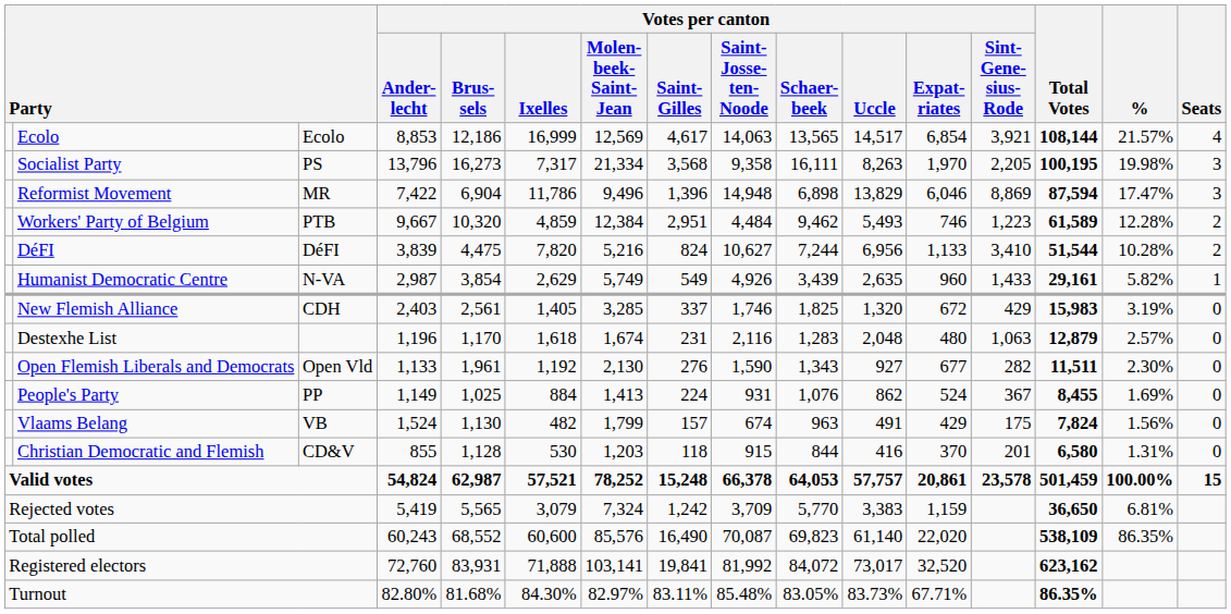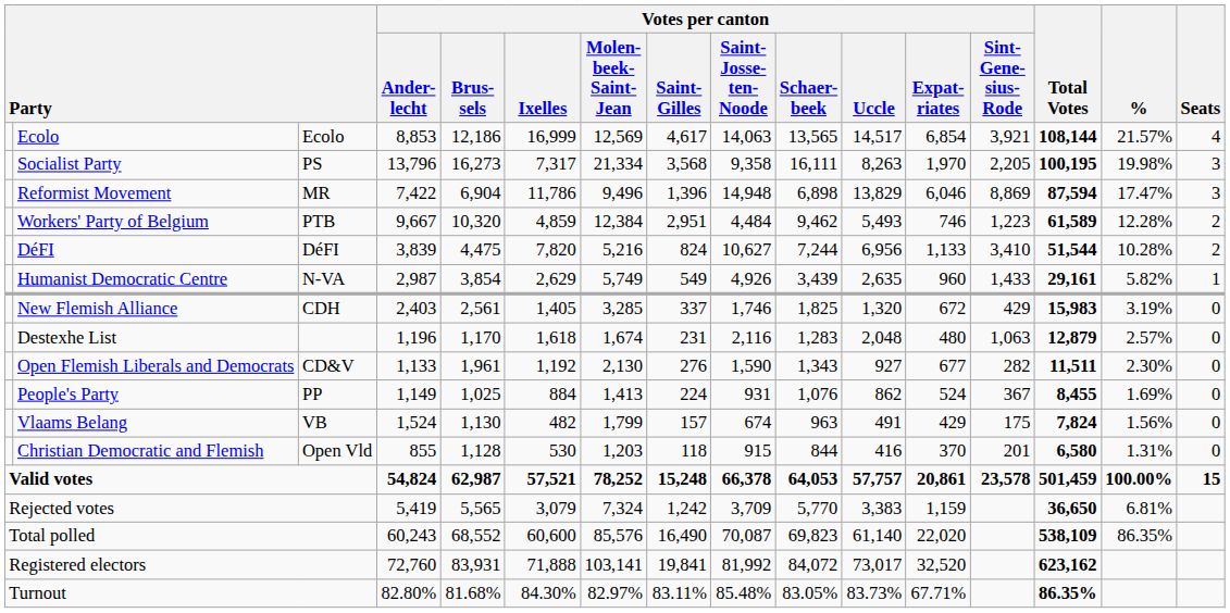 <table class="wikitable" border="1" style="text-align:right;">
 <tr>
 <th style="text-align:left;" valign=bottom rowspan=2 colspan=3>Party</th>
 <th colspan=10>Votes per canton</th>
 <th align=center valign=bottom rowspan=2 width="50">Total Votes</th>
 <th align=center valign=bottom rowspan=2 width="50">%</th>
 <th align=center valign=bottom rowspan=2>Seats</th>
 </tr>
 <tr>
 <th align=center valign=bottom width="50"><a href='#'>Ander- lecht</a></th>
 <th align=center valign=bottom width="50"><a href='#'>Brus- sels</a></th>
 <th align=center valign=bottom width="60"><a href='#'>Ixelles</a></th>
 <th align=center valign=bottom width="50"><a href='#'>Molen- beek-<br>Saint-<br>Jean</a></th>
 <th align=center valign=bottom width="50"><a href='#'>Saint-<br>Gilles</a></th>
 <th align=center valign=bottom width="50"><a href='#'>Saint-<br>Josse-<br>ten-Noode</a></th>
 <th align=center valign=bottom width="50"><a href='#'>Schaer- beek</a></th>
 <th align=center valign=bottom width="50"><a href='#'>Uccle</a></th>
 <th align=center valign=bottom width="50"><a href='#'>Expat- riates</a></th>
 <th align=center valign=bottom width="50"><a href='#'>Sint-<br>Gene- sius-<br>Rode</a></th>
 </tr>
 <tr>
 <td></td>
 <td align=left><a href='#'>Ecolo</a></td>
 <td align=left>Ecolo</td>
 <td>8,853</td>
 <td>12,186</td>
 <td>16,999</td>
 <td>12,569</td>
 <td>4,617</td>
 <td>14,063</td>
 <td>13,565</td>
 <td>14,517</td>
 <td>6,854</td>
 <td>3,921</td>
 <td><strong>108,144</strong></td>
 <td>21.57%</td>
 <td>4</td>
 </tr>
 <tr>
 <td></td>
 <td align=left><a href='#'>Socialist Party</a></td>
 <td align=left>PS</td>
 <td>13,796</td>
 <td>16,273</td>
 <td>7,317</td>
 <td>21,334</td>
 <td>3,568</td>
 <td>9,358</td>
 <td>16,111</td>
 <td>8,263</td>
 <td>1,970</td>
 <td>2,205</td>
 <td><strong>100,195</strong></td>
 <td>19.98%</td>
 <td>3</td>
 </tr>
 <tr>
 <td></td>
 <td align=left><a href='#'>Reformist Movement</a></td>
 <td align=left>MR</td>
 <td>7,422</td>
 <td>6,904</td>
 <td>11,786</td>
 <td>9,496</td>
 <td>1,396</td>
 <td>14,948</td>
 <td>6,898</td>
 <td>13,829</td>
 <td>6,046</td>
 <td>8,869</td>
 <td><strong>87,594</strong></td>
 <td>17.47%</td>
 <td>3</td>
 </tr>
 <tr>
 <td></td>
 <td align=left><a href='#'>Workers' Party of Belgium</a></td>
 <td align=left>PTB</td>
 <td>9,667</td>
 <td>10,320</td>
 <td>4,859</td>
 <td>12,384</td>
 <td>2,951</td>
 <td>4,484</td>
 <td>9,462</td>
 <td>5,493</td>
 <td>746</td>
 <td>1,223</td>
 <td><strong>61,589</strong></td>
 <td>12.28%</td>
 <td>2</td>
 </tr>
 <tr>
 <td></td>
 <td align=left><a href='#'>DéFI</a></td>
 <td align=left>DéFI</td>
 <td>3,839</td>
 <td>4,475</td>
 <td>7,820</td>
 <td>5,216</td>
 <td>824</td>
 <td>10,627</td>
 <td>7,244</td>
 <td>6,956</td>
 <td>1,133</td>
 <td>3,410</td>
 <td><strong>51,544</strong></td>
 <td>10.28%</td>
 <td>2</td>
 </tr>
 <tr>
 <td></td>
 <td align=left style="white-space: nowrap;"><a href='#'>Humanist Democratic Centre</a></td>
 <td align=left>N-VA</td>
 <td>2,987</td>
 <td>3,854</td>
 <td>2,629</td>
 <td>5,749</td>
 <td>549</td>
 <td>4,926</td>
 <td>3,439</td>
 <td>2,635</td>
 <td>960</td>
 <td>1,433</td>
 <td><strong>29,161</strong></td>
 <td>5.82%</td>
 <td>1</td>
 </tr>
 <tr style="border-top:3px solid darkgray;">
 <td></td>
 <td align=left><a href='#'>New Flemish Alliance</a></td>
 <td align=left>CDH</td>
 <td>2,403</td>
 <td>2,561</td>
 <td>1,405</td>
 <td>3,285</td>
 <td>337</td>
 <td>1,746</td>
 <td>1,825</td>
 <td>1,320</td>
 <td>672</td>
 <td>429</td>
 <td><strong>15,983</strong></td>
 <td>3.19%</td>
 <td>0</td>
 </tr>
 <tr>
 <td></td>
 <td align=left>Destexhe List</td>
 <td align=left></td>
 <td>1,196</td>
 <td>1,170</td>
 <td>1,618</td>
 <td>1,674</td>
 <td>231</td>
 <td>2,116</td>
 <td>1,283</td>
 <td>2,048</td>
 <td>480</td>
 <td>1,063</td>
 <td><strong>12,879</strong></td>
 <td>2.57%</td>
 <td>0</td>
 </tr>
 <tr>
 <td></td>
 <td align=left style="white-space: nowrap;"><a href='#'>Open Flemish Liberals and Democrats</a></td>
-<td align=left style="white-space: nowrap;">Open Vld</td>
+<td align=left>CD&V</td>
 <td>1,133</td>
 <td>1,961</td>
 <td>1,192</td>
 <td>2,130</td>
 <td>276</td>
 <td>1,590</td>
 <td>1,343</td>
 <td>927</td>
 <td>677</td>
 <td>282</td>
 <td><strong>11,511</strong></td>
 <td>2.30%</td>
 <td>0</td>
 </tr>
 <tr>
 <td></td>
 <td align=left><a href='#'>People's Party</a></td>
 <td align=left>PP</td>
 <td>1,149</td>
 <td>1,025</td>
 <td>884</td>
 <td>1,413</td>
 <td>224</td>
 <td>931</td>
 <td>1,076</td>
 <td>862</td>
 <td>524</td>
 <td>367</td>
 <td><strong>8,455</strong></td>
 <td>1.69%</td>
 <td>0</td>
 </tr>
 <tr>
 <td></td>
 <td align=left><a href='#'>Vlaams Belang</a></td>
 <td align=left>VB</td>
 <td>1,524</td>
 <td>1,130</td>
 <td>482</td>
 <td>1,799</td>
 <td>157</td>
 <td>674</td>
 <td>963</td>
 <td>491</td>
 <td>429</td>
 <td>175</td>
 <td><strong>7,824</strong></td>
 <td>1.56%</td>
 <td>0</td>
 </tr>
 <tr>
 <td></td>
 <td align=left><a href='#'>Christian Democratic and Flemish</a></td>
-<td align=left>CD&V</td>
+<td align=left style="white-space: nowrap;">Open Vld</td>
 <td>855</td>
 <td>1,128</td>
 <td>530</td>
 <td>1,203</td>
 <td>118</td>
 <td>915</td>
 <td>844</td>
 <td>416</td>
 <td>370</td>
 <td>201</td>
 <td><strong>6,580</strong></td>
 <td>1.31%</td>
 <td>0</td>
 </tr>
 <tr style="font-weight:bold">
 <td align=left colspan=3>Valid votes</td>
 <td>54,824</td>
 <td>62,987</td>
 <td>57,521</td>
 <td>78,252</td>
 <td>15,248</td>
 <td>66,378</td>
 <td>64,053</td>
 <td>57,757</td>
 <td>20,861</td>
 <td>23,578</td>
 <td>501,459</td>
 <td>100.00%</td>
 <td>15</td>
 </tr>
 <tr>
 <td align=left colspan=3>Rejected votes</td>
 <td>5,419</td>
 <td>5,565</td>
 <td>3,079</td>
 <td>7,324</td>
 <td>1,242</td>
 <td>3,709</td>
 <td>5,770</td>
 <td>3,383</td>
 <td>1,159</td>
 <td></td>
 <td><strong>36,650</strong></td>
 <td>6.81%</td>
 <td></td>
 </tr>
 <tr>
 <td align=left colspan=3>Total polled</td>
 <td>60,243</td>
 <td>68,552</td>
 <td>60,600</td>
 <td>85,576</td>
 <td>16,490</td>
 <td>70,087</td>
 <td>69,823</td>
 <td>61,140</td>
 <td>22,020</td>
 <td></td>
 <td><strong>538,109</strong></td>
 <td>86.35%</td>
 <td></td>
 </tr>
 <tr>
 <td align=left colspan=3>Registered electors</td>
 <td>72,760</td>
 <td>83,931</td>
 <td>71,888</td>
 <td>103,141</td>
 <td>19,841</td>
 <td>81,992</td>
 <td>84,072</td>
 <td>73,017</td>
 <td>32,520</td>
 <td></td>
 <td><strong>623,162</strong></td>
 <td></td>
 <td></td>
 </tr>
 <tr>
 <td align=left colspan=3>Turnout</td>
 <td>82.80%</td>
 <td>81.68%</td>
 <td>84.30%</td>
 <td>82.97%</td>
 <td>83.11%</td>
 <td>85.48%</td>
 <td>83.05%</td>
 <td>83.73%</td>
 <td>67.71%</td>
 <td></td>
 <td><strong>86.35%</strong></td>
 <td></td>
 <td></td>
 </tr>
 </table>
